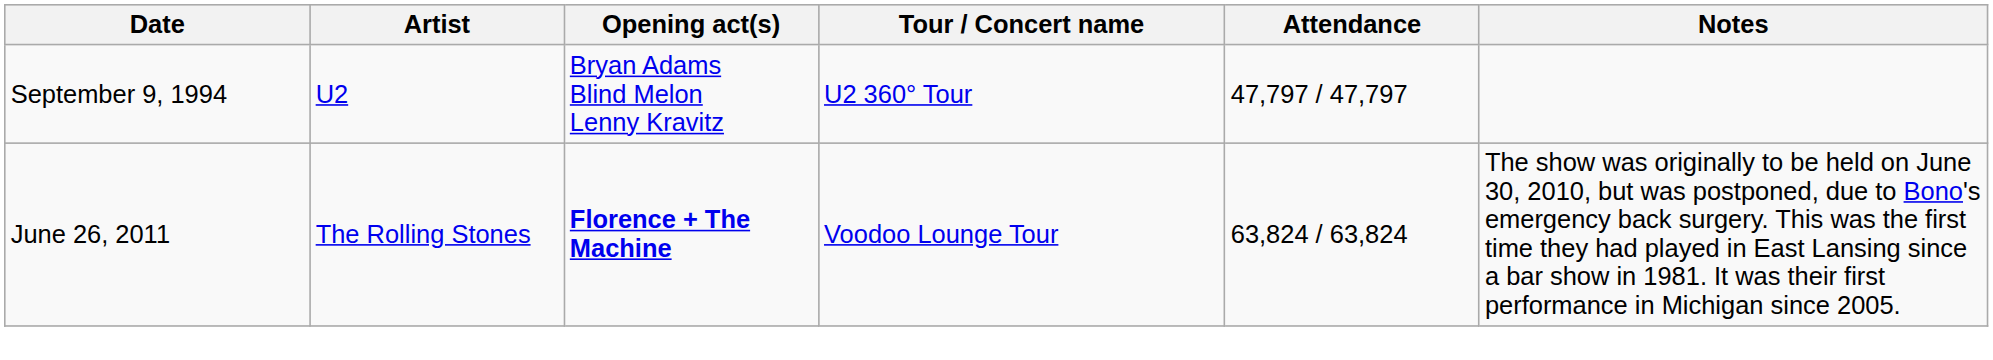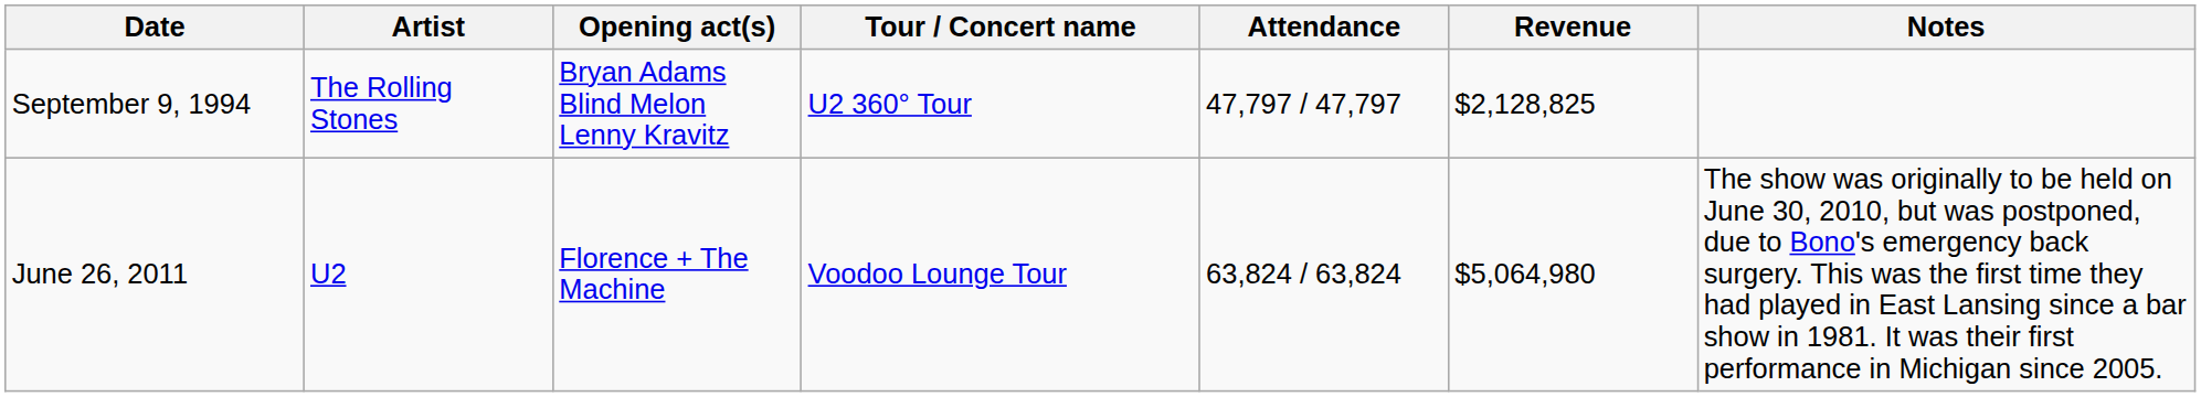 <table class="wikitable" style=font-size:100% style="text-align:center">
 <tr>
 <th width=12% style="text-align:center;">Date</th>
 <th width=10% style="text-align:center;">Artist</th>
 <th width=10% style="text-align:center;">Opening act(s)</th>
 <th width=16% style="text-align:center;">Tour / Concert name</th>
 <th width=10% style="text-align:center;">Attendance</th>
+<th width=10% style="text-align:center;">Revenue</th>
 <th width=20% style="text-align:center;">Notes</th>
 </tr>
 <tr>
 <td>September 9, 1994</td>
-<td><a href='#'>U2</a></td>
+<td><a href='#'>The Rolling Stones</a></td>
 <td><a href='#'>Bryan Adams</a><br><a href='#'>Blind Melon</a><br><a href='#'>Lenny Kravitz</a></td>
 <td><a href='#'>U2 360° Tour</a></td>
 <td>47,797 / 47,797</td>
+<td>$2,128,825</td>
 <td></td>
 </tr>
 <tr>
 <td>June 26, 2011</td>
-<td><a href='#'>The Rolling Stones</a></td>
-<td><strong><a href='#'>Florence + The Machine</a></strong></td>
+<td><a href='#'>U2</a></td>
+<td><a href='#'>Florence + The Machine</a></td>
 <td><a href='#'>Voodoo Lounge Tour</a></td>
 <td>63,824 / 63,824</td>
+<td>$5,064,980</td>
 <td>The show was originally to be held on June 30, 2010, but was postponed, due to <a href='#'>Bono</a>'s emergency back surgery. This was the first time they had played in East Lansing since a bar show in 1981.  It was their first performance in Michigan since 2005.</td>
 </tr>
 </table>
